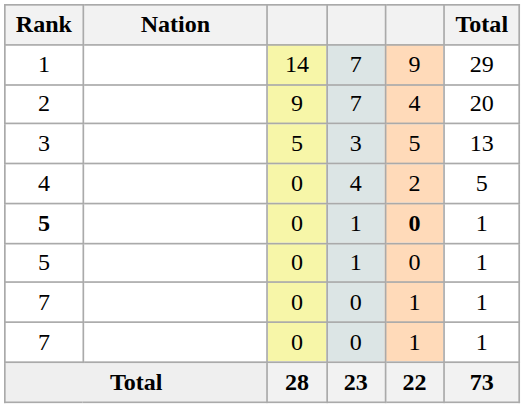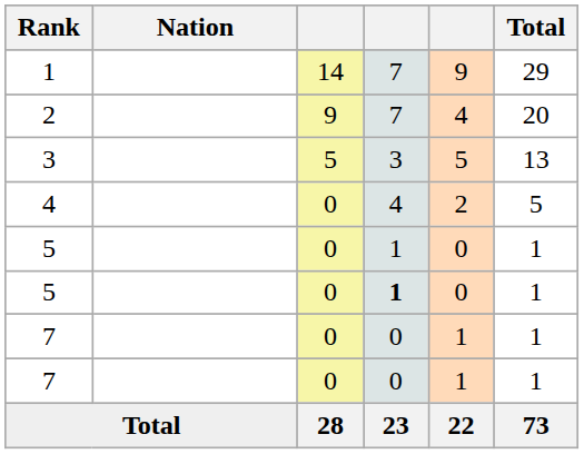 <table class=wikitable width=35% cellspacing="1" cellpadding="3" style="border:1px solid #AAAAAA;font-size:90%">
 <tr bgcolor="#EFEFEF">
 <th width=50>Rank</th>
 <th width=200>Nation</th>
 <th width=50></th>
 <th width=50></th>
 <th width=50></th>
 <th width=50>Total</th>
 </tr>
 <tr align="center" valign="top" bgcolor="#FFFFFF">
 <td rowspan="1" valign="center">1</td>
 <td align="left"></td>
 <td style="background:#F7F6A8;">14</td>
 <td style="background:#DCE5E5;">7</td>
 <td style="background:#FFDAB9;">9</td>
 <td>29</td>
 </tr>
 <tr align="center" valign="top" bgcolor="#FFFFFF">
 <td rowspan="1" valign="center">2</td>
 <td align="left"></td>
 <td style="background:#F7F6A8;">9</td>
 <td style="background:#DCE5E5;">7</td>
 <td style="background:#FFDAB9;">4</td>
 <td>20</td>
 </tr>
 <tr align="center" valign="top" bgcolor="#FFFFFF">
 <td rowspan="1" valign="center">3</td>
 <td align="left"></td>
 <td style="background:#F7F6A8;">5</td>
 <td style="background:#DCE5E5;">3</td>
 <td style="background:#FFDAB9;">5</td>
 <td>13</td>
 </tr>
 <tr align="center" valign="top" bgcolor="#FFFFFF">
 <td rowspan="1" valign="center">4</td>
 <td align="left"></td>
 <td style="background:#F7F6A8;">0</td>
 <td style="background:#DCE5E5;">4</td>
 <td style="background:#FFDAB9;">2</td>
 <td>5</td>
 </tr>
 <tr align="center" valign="top" bgcolor="#FFFFFF">
-<td rowspan="1" valign="center"><strong>5</strong></td>
+<td rowspan="1" valign="center">5</td>
 <td align="left"></td>
 <td style="background:#F7F6A8;">0</td>
 <td style="background:#DCE5E5;">1</td>
-<td style="background:#FFDAB9;"><strong>0</strong></td>
+<td style="background:#FFDAB9;">0</td>
 <td>1</td>
 </tr>
 <tr align="center" valign="top" bgcolor="#FFFFFF">
 <td rowspan="1" valign="center">5</td>
 <td align="left"></td>
 <td style="background:#F7F6A8;">0</td>
-<td style="background:#DCE5E5;">1</td>
+<td style="background:#DCE5E5;"><strong>1</strong></td>
 <td style="background:#FFDAB9;">0</td>
 <td>1</td>
 </tr>
 <tr align="center" valign="top" bgcolor="#FFFFFF">
 <td rowspan="1" valign="center">7</td>
 <td align="left"></td>
 <td style="background:#F7F6A8;">0</td>
 <td style="background:#DCE5E5;">0</td>
 <td style="background:#FFDAB9;">1</td>
 <td>1</td>
 </tr>
 <tr align="center" valign="top" bgcolor="#FFFFFF">
 <td rowspan="1" valign="center">7</td>
 <td align="left"></td>
 <td style="background:#F7F6A8;">0</td>
 <td style="background:#DCE5E5;">0</td>
 <td style="background:#FFDAB9;">1</td>
 <td>1</td>
 </tr>
 <tr align="center" valign="top" bgcolor="#EFEFEF">
 <td colspan="2" rowspan="1" valign="center"><strong>Total</strong></td>
 <th>28</th>
 <th>23</th>
 <th>22</th>
 <th>73</th>
 </tr>
 </table>
